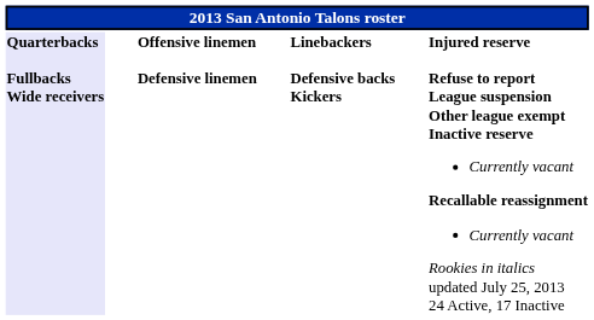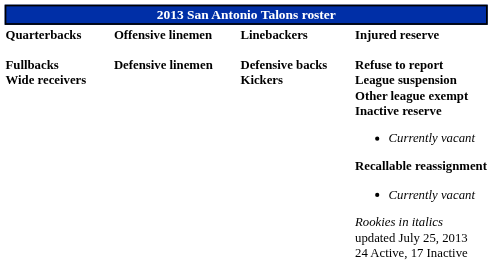 <table class="toccolours" style="text-align: left;">
 <tr>
 <th colspan=7 style="background:#002FA7; border: 2px solid black; color:white; text-align:center;"><strong>2013 San Antonio Talons roster</strong></th>
 </tr>
 <tr>
-<td style="background: lavender; font-size: 95%;" valign="top"><strong>Quarterbacks</strong><br> <br><strong>Fullbacks</strong>  <br><strong>Wide receivers</strong>     </td>
+<td style="font-size: 95%;" valign="top"><strong>Quarterbacks</strong><br> <br><strong>Fullbacks</strong>  <br><strong>Wide receivers</strong>     </td>
 <td style="width: 25px;"></td>
 <td style="font-size: 95%;" valign="top"><strong>Offensive linemen</strong><br>  <br><strong>Defensive linemen</strong>   </td>
 <td style="width: 25px;"></td>
 <td style="font-size: 95%;" valign="top"><strong>Linebackers</strong><br>  <br><strong>Defensive backs</strong>     <br><strong>Kickers</strong> </td>
 <td style="width: 25px;"></td>
 <td style="font-size: 95%;" valign="top"><strong>Injured reserve</strong><br>        <br><strong>Refuse to report</strong> <br><strong>League suspension</strong>     <br><strong>Other league exempt</strong>  <br><strong>Inactive reserve</strong><ul><li><em>Currently vacant</em></li></ul><strong>Recallable reassignment</strong><ul><li><em>Currently vacant</em></li></ul> <em>Rookies in italics</em><br> <span></span> updated July 25, 2013<br> 24 Active, 17 Inactive </td>
 </tr>
 <tr>
 </tr>
 </table>
